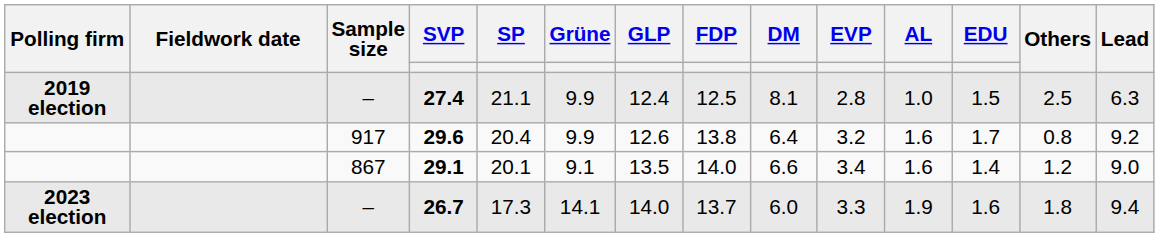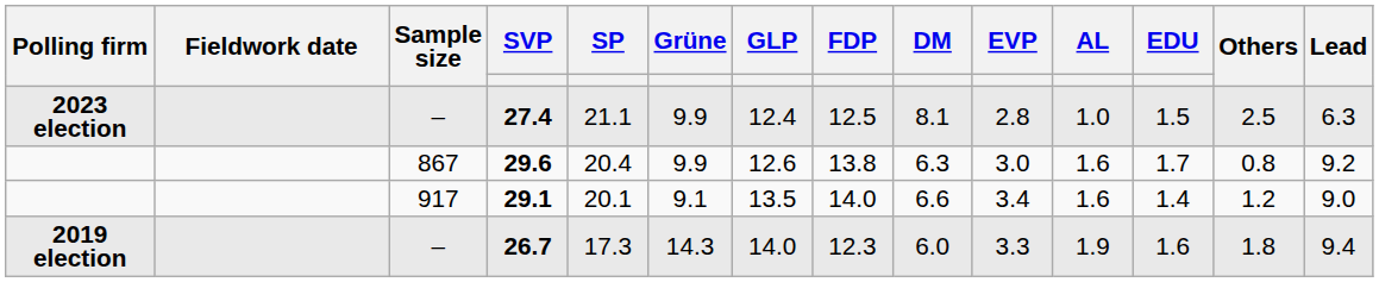 <table class="wikitable sortable" style="text-align:center;font-size:90%;line-height:14px;">
 <tr style="height:40px;">
 <th style="width:80px;" rowspan="2">Polling firm</th>
 <th style="width:130px;" rowspan="2">Fieldwork date</th>
 <th style="width:35px;" rowspan="2">Sample<br>size</th>
 <th class="unsortable" style="width:40px;"><a href='#'>SVP</a></th>
 <th class="unsortable" style="width:40px;"><a href='#'>SP</a></th>
 <th class="unsortable" style="width:40px;"><a href='#'>Grüne</a></th>
 <th class="unsortable" style="width:40px;"><a href='#'>GLP</a></th>
 <th class="unsortable" style="width:40px;"><a href='#'>FDP</a></th>
 <th class="unsortable" style="width:40px;"><a href='#'>DM</a></th>
 <th class="unsortable" style="width:40px;"><a href='#'>EVP</a></th>
 <th class="unsortable" style="width:40px;"><a href='#'>AL</a></th>
 <th class="unsortable" style="width:40px;"><a href='#'>EDU</a></th>
 <th class="unsortable" style="width:30px;" rowspan="2">Others</th>
 <th style="width:30px;" rowspan="2">Lead</th>
 </tr>
 <tr>
 <th style="background:"></th>
 <th style="background:"></th>
 <th style="background:"></th>
 <th style="background:"></th>
 <th style="background:"></th>
 <th style="background:"></th>
 <th style="background:"></th>
 <th style="background:"></th>
 <th style="background:"></th>
 </tr>
 <tr style="background:#E9E9E9;">
-<td><strong>2019 election</strong></td>
+<td><strong>2023 election</strong></td>
 <td></td>
 <td>–</td>
 <td style="background:#"><strong>27.4</strong></td>
 <td>21.1</td>
 <td>9.9</td>
 <td>12.4</td>
 <td>12.5</td>
 <td>8.1</td>
 <td>2.8</td>
 <td>1.0</td>
 <td>1.5</td>
 <td>2.5</td>
 <td style="background:">6.3</td>
 </tr>
 <tr>
 <td></td>
 <td></td>
-<td>917</td>
+<td>867</td>
 <td style="background:#"><strong>29.6</strong></td>
 <td>20.4</td>
 <td>9.9</td>
 <td>12.6</td>
 <td>13.8</td>
-<td>6.4</td>
-<td>3.2</td>
+<td>6.3</td>
+<td>3.0</td>
 <td>1.6</td>
 <td>1.7</td>
 <td>0.8</td>
 <td style="background:">9.2</td>
 </tr>
 <tr>
 <td></td>
 <td></td>
-<td>867</td>
+<td>917</td>
 <td style="background:#"><strong>29.1</strong></td>
 <td>20.1</td>
 <td>9.1</td>
 <td>13.5</td>
 <td>14.0</td>
 <td>6.6</td>
 <td>3.4</td>
 <td>1.6</td>
 <td>1.4</td>
 <td>1.2</td>
 <td style="background:">9.0</td>
 </tr>
 <tr style="background:#E9E9E9;">
-<td><strong>2023 election</strong></td>
+<td><strong>2019 election</strong></td>
 <td></td>
 <td>–</td>
 <td style="background:#"><strong>26.7</strong></td>
 <td>17.3</td>
-<td>14.1</td>
+<td>14.3</td>
 <td>14.0</td>
-<td>13.7</td>
+<td>12.3</td>
 <td>6.0</td>
 <td>3.3</td>
 <td>1.9</td>
 <td>1.6</td>
 <td>1.8</td>
 <td style="background:">9.4</td>
 </tr>
 </table>
